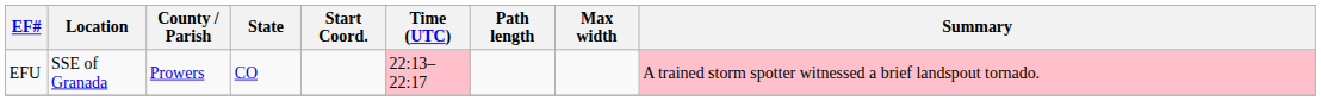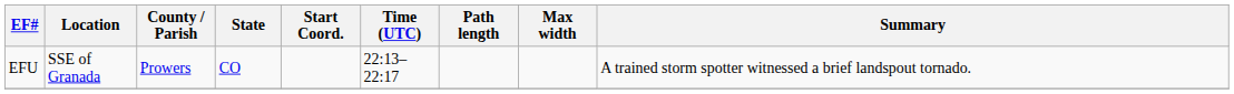 <table class="wikitable sortable" style="width:100%;">
 <tr>
 <th scope="col"  style="width:3%; text-align:center;"><a href='#'>EF#</a></th>
 <th scope="col"  style="width:7%; text-align:center;" class="unsortable">Location</th>
 <th scope="col"  style="width:6%; text-align:center;" class="unsortable">County / Parish</th>
 <th scope="col"  style="width:5%; text-align:center;">State</th>
 <th scope="col"  style="width:6%; text-align:center;">Start Coord.</th>
 <th scope="col"  style="width:6%; text-align:center;">Time (<a href='#'>UTC</a>)</th>
 <th scope="col"  style="width:6%; text-align:center;">Path length</th>
 <th scope="col"  style="width:6%; text-align:center;">Max width</th>
 <th scope="col" class="unsortable" style="width:48%; text-align:center;">Summary</th>
 </tr>
 <tr>
 <td>EFU</td>
 <td>SSE of <a href='#'>Granada</a></td>
 <td><a href='#'>Prowers</a></td>
 <td><a href='#'>CO</a></td>
 <td></td>
-<td style="background: pink;">22:13–22:17</td>
+<td>22:13–22:17</td>
 <td></td>
 <td></td>
-<td style="background: pink;">A trained storm spotter witnessed a brief landspout tornado.</td>
+<td>A trained storm spotter witnessed a brief landspout tornado.</td>
 </tr>
 <tr>
 </tr>
 </table>
